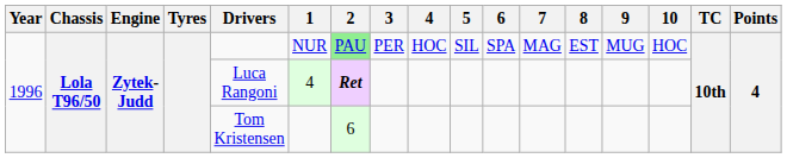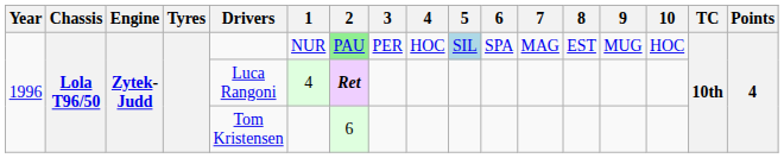 <table class="wikitable" style="text-align:center; font-size:95%">
 <tr>
 <th>Year</th>
 <th>Chassis</th>
 <th>Engine</th>
 <th>Tyres</th>
 <th>Drivers</th>
 <th>1</th>
 <th>2</th>
 <th>3</th>
 <th>4</th>
 <th>5</th>
 <th>6</th>
 <th>7</th>
 <th>8</th>
 <th>9</th>
 <th>10</th>
 <th>TC</th>
 <th>Points</th>
 </tr>
 <tr>
 <td rowspan=3><a href='#'>1996</a></td>
 <th rowspan=3><a href='#'>Lola T96/50</a></th>
 <th rowspan=3><a href='#'>Zytek</a>-<a href='#'>Judd</a></th>
 <th rowspan=3></th>
 <td></td>
 <td><a href='#'>NUR</a></td>
 <td style="background: lightgreen;"><a href='#'>PAU</a></td>
 <td><a href='#'>PER</a></td>
 <td><a href='#'>HOC</a></td>
-<td><a href='#'>SIL</a></td>
+<td style="background: lightblue;"><a href='#'>SIL</a></td>
 <td><a href='#'>SPA</a></td>
 <td><a href='#'>MAG</a></td>
 <td><a href='#'>EST</a></td>
 <td><a href='#'>MUG</a></td>
 <td><a href='#'>HOC</a></td>
 <th rowspan=3>10th</th>
 <th rowspan=3>4</th>
 </tr>
 <tr>
 <td><a href='#'>Luca Rangoni</a></td>
 <td style="background:#DFFFDF;">4</td>
 <td style="background:#EFCFFF;"><strong><em>Ret</em></strong></td>
 <td></td>
 <td></td>
 <td></td>
 <td></td>
 <td></td>
 <td></td>
 <td></td>
 <td></td>
 </tr>
 <tr>
 <td><a href='#'>Tom Kristensen</a></td>
 <td></td>
 <td style="background:#DFFFDF;">6</td>
 <td></td>
 <td></td>
 <td></td>
 <td></td>
 <td></td>
 <td></td>
 <td></td>
 <td></td>
 </tr>
 </table>
